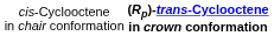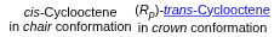 <table style="margin-left:auto;margin-right:auto;">
 <tr>
 <td></td>
 <td align="right"></td>
 </tr>
 <tr align="center">
 <td><em>cis</em>-Cyclooctene<br>in <em>chair</em> conformation</td>
-<td><strong>(<em>R<sub>p</sub></em>)-<a href='#'><em>trans</em>-Cyclooctene</a><br>in <em>crown</em> conformation</strong></td>
+<td>(<em>R<sub>p</sub></em>)-<a href='#'><em>trans</em>-Cyclooctene</a><br>in <em>crown</em> conformation</td>
 </tr>
 </table>
